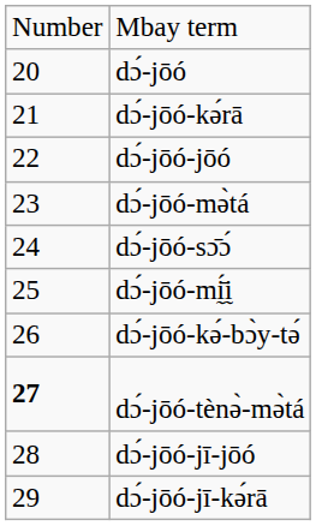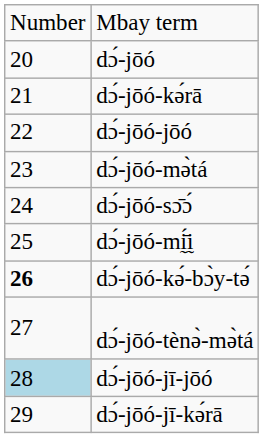 <table class="wikitable">
 <tr>
 <td>Number</td>
 <td>Mbay term</td>
 </tr>
 <tr>
 <td>20</td>
 <td>dɔ́-jōó</td>
 </tr>
 <tr>
 <td>21</td>
 <td>dɔ́-jōó-kə́rā</td>
 </tr>
 <tr>
 <td>22</td>
 <td>dɔ́-jōó-jōó</td>
 </tr>
 <tr>
 <td>23  </td>
 <td>dɔ́-jōó-mə̀tá</td>
 </tr>
 <tr>
 <td>24</td>
 <td>dɔ́-jōó-sɔ̄ɔ́</td>
 </tr>
 <tr>
 <td>25</td>
 <td>dɔ́-jōó-mḭ̄́ḭ</td>
 </tr>
 <tr>
-<td>26</td>
+<td><strong>26</strong></td>
 <td>dɔ́-jōó-kə́-bɔ̀y-tə́</td>
 </tr>
 <tr>
-<td><strong>27</strong></td>
+<td>27</td>
 <td><br>dɔ́-jōó-tènə̀-mə̀tá</td>
 </tr>
 <tr>
-<td>28</td>
+<td style="background: lightblue;">28</td>
 <td>dɔ́-jōó-jī-jōó</td>
 </tr>
 <tr>
 <td>29</td>
 <td>dɔ́-jōó-jī-kə́rā</td>
 </tr>
 </table>
